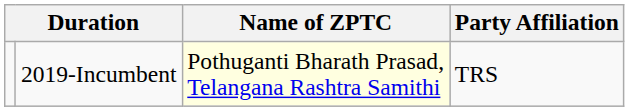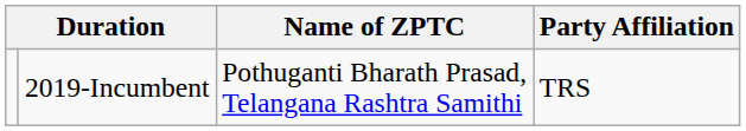 <table class="wikitable">
 <tr>
 <th colspan="2">Duration</th>
 <th>Name of ZPTC</th>
 <th>Party Affiliation</th>
 </tr>
 <tr>
 <td></td>
 <td>2019-Incumbent</td>
-<td style="background: lightyellow;">Pothuganti Bharath Prasad,<br><a href='#'>Telangana Rashtra Samithi</a></td>
+<td>Pothuganti Bharath Prasad,<br><a href='#'>Telangana Rashtra Samithi</a></td>
 <td>TRS</td>
 </tr>
 </table>
